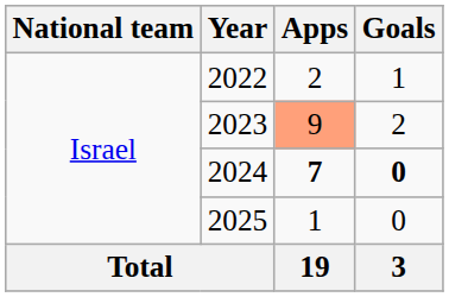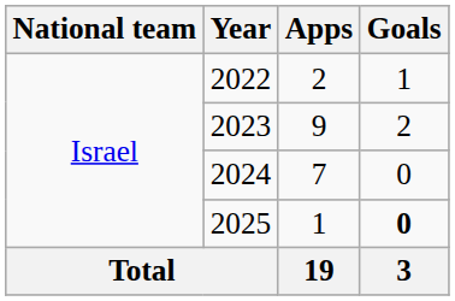 <table class="wikitable" style="text-align:center">
 <tr>
 <th>National team</th>
 <th>Year</th>
 <th>Apps</th>
 <th>Goals</th>
 </tr>
 <tr>
 <td rowspan="4"><a href='#'>Israel</a></td>
 <td>2022</td>
 <td>2</td>
 <td>1</td>
 </tr>
 <tr>
 <td>2023</td>
-<td style="background: lightsalmon;">9</td>
+<td>9</td>
 <td>2</td>
 </tr>
 <tr>
 <td>2024</td>
-<td><strong>7</strong></td>
-<td><strong>0</strong></td>
+<td>7</td>
+<td>0</td>
 </tr>
 <tr>
 <td>2025</td>
 <td>1</td>
-<td>0</td>
+<td><strong>0</strong></td>
 </tr>
 <tr>
 <th colspan="2">Total</th>
 <th>19</th>
 <th>3</th>
 </tr>
 </table>
